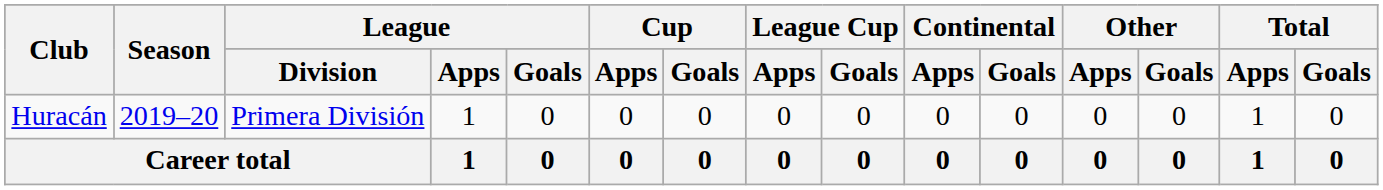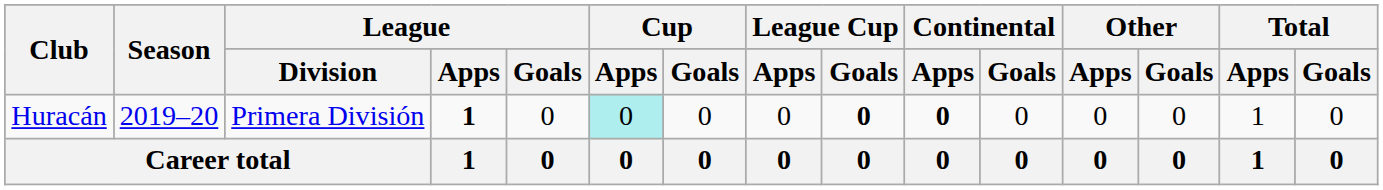 <table class="wikitable" style="text-align:center">
 <tr>
 <th rowspan="2">Club</th>
 <th rowspan="2">Season</th>
 <th colspan="3">League</th>
 <th colspan="2">Cup</th>
 <th colspan="2">League Cup</th>
 <th colspan="2">Continental</th>
 <th colspan="2">Other</th>
 <th colspan="2">Total</th>
 </tr>
 <tr>
 <th>Division</th>
 <th>Apps</th>
 <th>Goals</th>
 <th>Apps</th>
 <th>Goals</th>
 <th>Apps</th>
 <th>Goals</th>
 <th>Apps</th>
 <th>Goals</th>
 <th>Apps</th>
 <th>Goals</th>
 <th>Apps</th>
 <th>Goals</th>
 </tr>
 <tr>
 <td rowspan="1"><a href='#'>Huracán</a></td>
 <td><a href='#'>2019–20</a></td>
 <td rowspan="1"><a href='#'>Primera División</a></td>
-<td>1</td>
+<td><strong>1</strong></td>
+<td>0</td>
+<td style="background: paleturquoise;">0</td>
 <td>0</td>
 <td>0</td>
-<td>0</td>
-<td>0</td>
-<td>0</td>
-<td>0</td>
+<td><strong>0</strong></td>
+<td><strong>0</strong></td>
 <td>0</td>
 <td>0</td>
 <td>0</td>
 <td>1</td>
 <td>0</td>
 </tr>
 <tr>
 <th colspan="3">Career total</th>
 <th>1</th>
 <th>0</th>
 <th>0</th>
 <th>0</th>
 <th>0</th>
 <th>0</th>
 <th>0</th>
 <th>0</th>
 <th>0</th>
 <th>0</th>
 <th>1</th>
 <th>0</th>
 </tr>
 </table>
